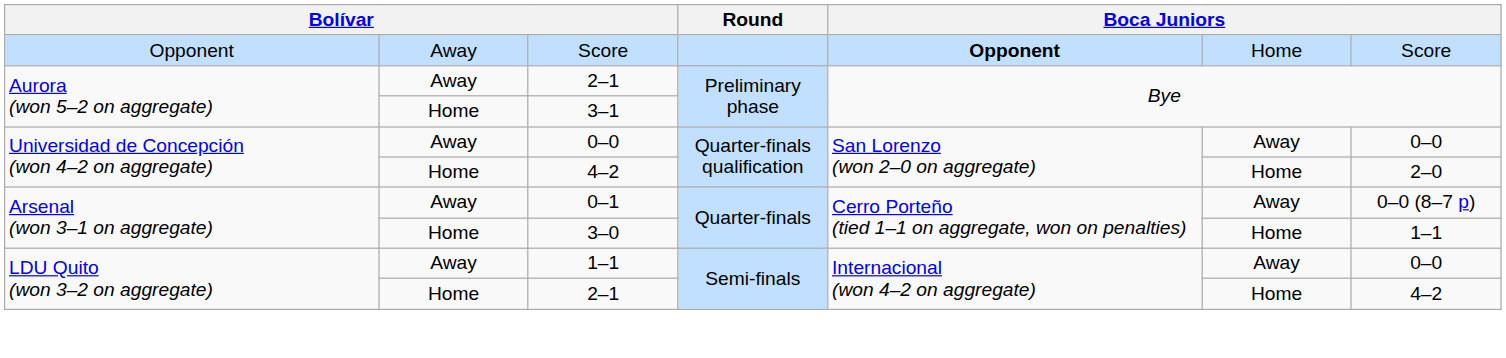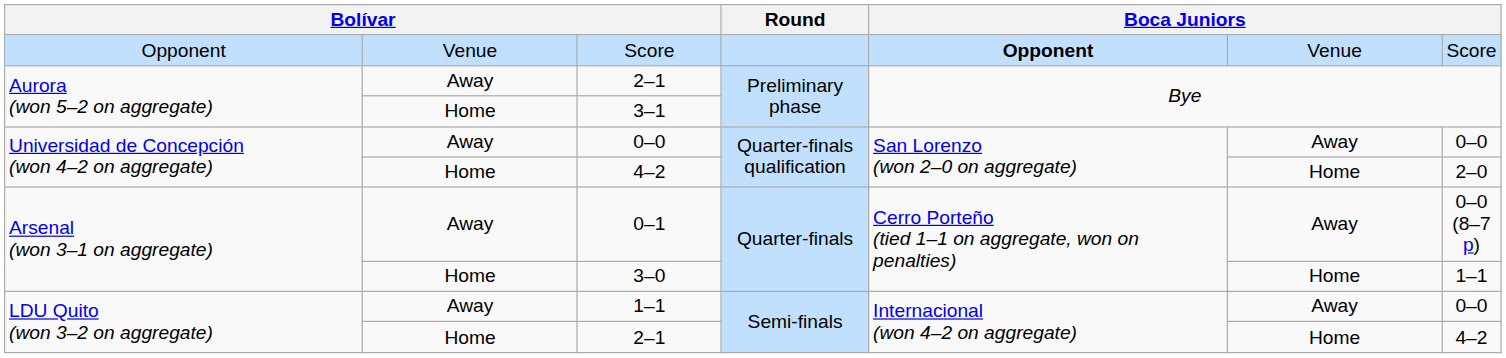 <table class="wikitable" style="text-align: center;">
 <tr>
 <th colspan=3><a href='#'>Bolívar</a></th>
 <th>Round</th>
 <th colspan=3><a href='#'>Boca Juniors</a></th>
 </tr>
 <tr bgcolor=#c1e0ff>
 <td width=25%>Opponent</td>
-<td>Away</td>
+<td width=15%>Venue</td>
 <td width=10%>Score</td>
 <td width=10%></td>
 <td width=25%><strong>Opponent</strong></td>
-<td>Home</td>
+<td width=25%>Venue</td>
 <td width=10%>Score</td>
 </tr>
 <tr>
 <td rowspan=2 align=left> <a href='#'>Aurora</a><br><em>(won 5–2 on aggregate)</em></td>
 <td>Away</td>
 <td>2–1</td>
 <td rowspan=2 bgcolor=#c1e0ff>Preliminary phase</td>
 <td rowspan=2 colspan=3><em>Bye</em></td>
 </tr>
 <tr>
 <td>Home</td>
 <td>3–1</td>
 </tr>
 <tr>
 <td rowspan=2 align=left> <a href='#'>Universidad de Concepción</a><br><em>(won 4–2 on aggregate)</em></td>
 <td>Away</td>
 <td>0–0</td>
 <td rowspan=2 bgcolor=#c1e0ff>Quarter-finals qualification</td>
 <td rowspan=2 align=left> <a href='#'>San Lorenzo</a><br><em>(won 2–0 on aggregate)</em></td>
 <td>Away</td>
 <td>0–0</td>
 </tr>
 <tr>
 <td>Home</td>
 <td>4–2</td>
 <td>Home</td>
 <td>2–0</td>
 </tr>
 <tr>
 <td rowspan=2 align=left> <a href='#'>Arsenal</a><br><em>(won 3–1 on aggregate)</em></td>
 <td>Away</td>
 <td>0–1</td>
 <td rowspan=2 bgcolor=#c1e0ff>Quarter-finals</td>
 <td rowspan=2 align=left> <a href='#'>Cerro Porteño</a><br><em>(tied 1–1 on aggregate, won on penalties)</em></td>
 <td>Away</td>
 <td>0–0 (8–7 <a href='#'>p</a>)</td>
 </tr>
 <tr>
 <td>Home</td>
 <td>3–0</td>
 <td>Home</td>
 <td>1–1</td>
 </tr>
 <tr>
 <td rowspan=2 align=left> <a href='#'>LDU Quito</a><br><em>(won 3–2 on aggregate)</em></td>
 <td>Away</td>
 <td>1–1</td>
 <td rowspan=2 bgcolor=#c1e0ff>Semi-finals</td>
 <td rowspan=2 align=left> <a href='#'>Internacional</a><br><em>(won 4–2 on aggregate)</em></td>
 <td>Away</td>
 <td>0–0</td>
 </tr>
 <tr>
 <td>Home</td>
 <td>2–1</td>
 <td>Home</td>
 <td>4–2</td>
 </tr>
 </table>
